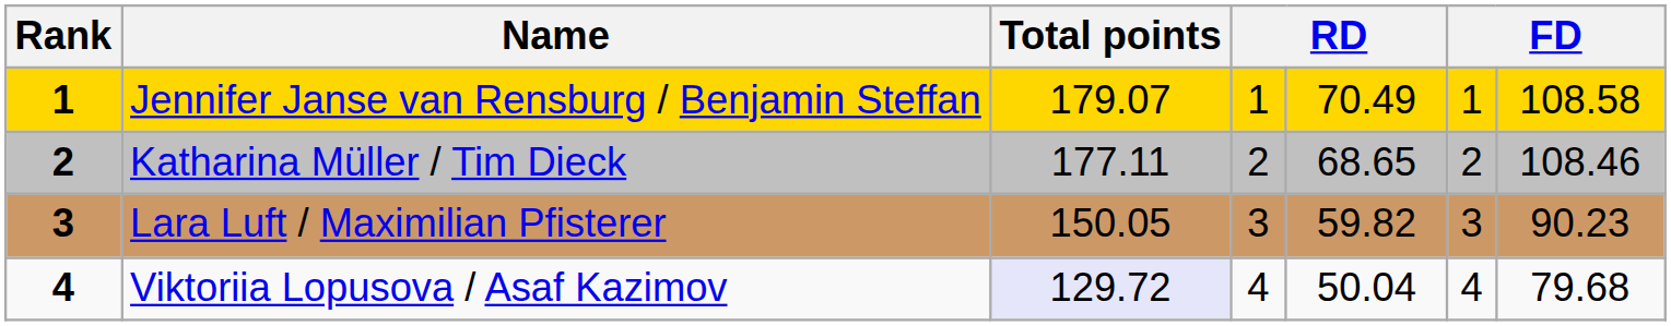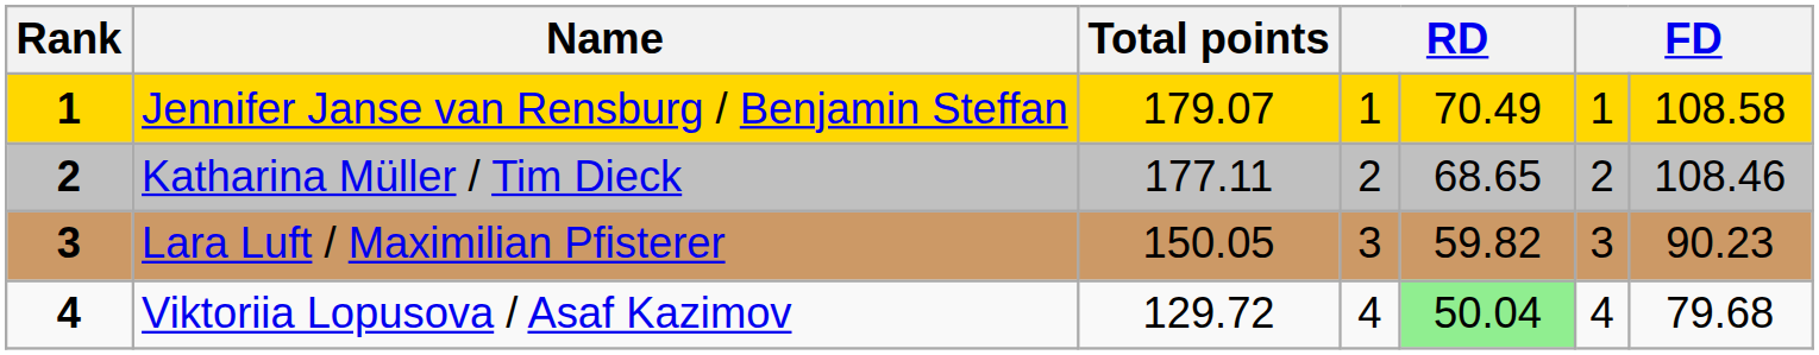 <table class="wikitable sortable">
 <tr>
 <th>Rank</th>
 <th>Name</th>
 <th>Total points</th>
 <th colspan="2" width="80px"><a href='#'>RD</a></th>
 <th colspan="2" width="80px"><a href='#'>FD</a></th>
 </tr>
 <tr bgcolor="gold">
 <td align="center"><strong>1</strong></td>
 <td><a href='#'>Jennifer Janse van Rensburg</a> / <a href='#'>Benjamin Steffan</a></td>
 <td align="center">179.07</td>
 <td align="center">1</td>
 <td align="center">70.49</td>
 <td align="center">1</td>
 <td align="center">108.58</td>
 </tr>
 <tr bgcolor="silver">
 <td align="center"><strong>2</strong></td>
 <td><a href='#'>Katharina Müller</a> / <a href='#'>Tim Dieck</a></td>
 <td align="center">177.11</td>
 <td align="center">2</td>
 <td align="center">68.65</td>
 <td align="center">2</td>
 <td align="center">108.46</td>
 </tr>
 <tr bgcolor="cc9966">
 <td align="center"><strong>3</strong></td>
 <td><a href='#'>Lara Luft</a> / <a href='#'>Maximilian Pfisterer</a></td>
 <td align="center">150.05</td>
 <td align="center">3</td>
 <td align="center">59.82</td>
 <td align="center">3</td>
 <td align="center">90.23</td>
 </tr>
 <tr>
 <td align="center"><strong>4</strong></td>
 <td><a href='#'>Viktoriia Lopusova</a> / <a href='#'>Asaf Kazimov</a></td>
-<td align="center" style="background: lavender;">129.72</td>
+<td align="center">129.72</td>
 <td align="center">4</td>
-<td align="center">50.04</td>
+<td align="center" style="background: lightgreen;">50.04</td>
 <td align="center">4</td>
 <td align="center">79.68</td>
 </tr>
 </table>
